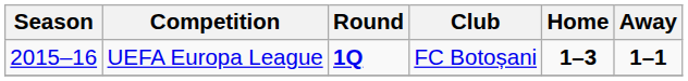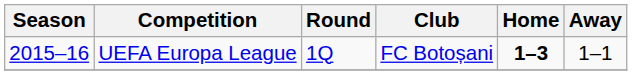 <table class="sortable wikitable plainrowheaders">
 <tr>
 <th>Season</th>
 <th>Competition</th>
 <th>Round</th>
 <th>Club</th>
 <th>Home</th>
 <th>Away</th>
 </tr>
 <tr>
 <td><a href='#'>2015–16</a></td>
 <td><a href='#'>UEFA Europa League</a></td>
-<td><strong><a href='#'>1Q</a></strong></td>
+<td><a href='#'>1Q</a></td>
 <td> <a href='#'>FC Botoșani</a></td>
 <td style="text-align:center;"><strong>1–3</strong></td>
-<td style="text-align:center;"><strong>1–1</strong></td>
+<td style="text-align:center;">1–1</td>
 </tr>
 <tr>
 </tr>
 </table>
